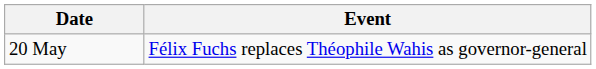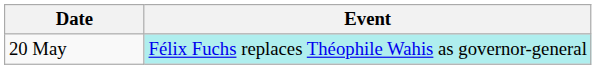 <table class=wikitable>
 <tr>
 <th style="width:7em">Date</th>
 <th>Event</th>
 </tr>
 <tr>
 <td>20 May</td>
-<td><a href='#'>Félix Fuchs</a> replaces <a href='#'>Théophile Wahis</a> as governor-general</td>
+<td style="background: paleturquoise;"><a href='#'>Félix Fuchs</a> replaces <a href='#'>Théophile Wahis</a> as governor-general</td>
 </tr>
 </table>
